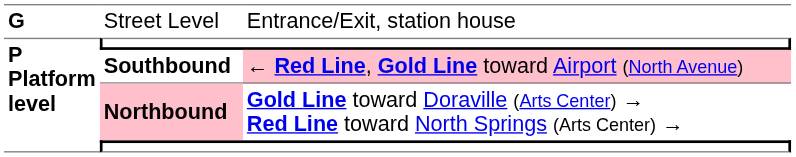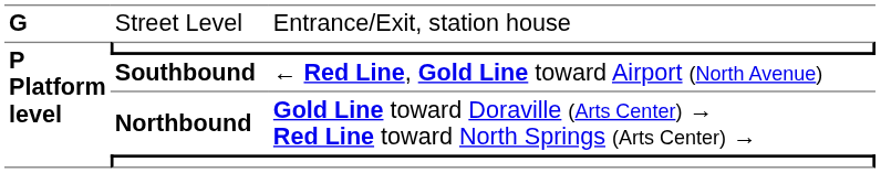 <table table border=0 cellspacing=0 cellpadding=3>
 <tr>
 <td style="border-top:solid 1px gray;" width=50 valign=top><strong>G</strong></td>
 <td style="border-top:solid 1px gray;" width=100 valign=top>Street Level</td>
 <td style="border-top:solid 1px gray;" width=400 valign=top>Entrance/Exit, station house</td>
 </tr>
 <tr>
 <td style="border-top:solid 1px gray;border-bottom:solid 1px gray;" width=50 rowspan=4 valign=top><strong>P<br>Platform level</strong></td>
 <td style="border-top:solid 1px gray;border-right:solid 2px black;border-left:solid 2px black;border-bottom:solid 2px black;text-align:center;" colspan=2></td>
 </tr>
 <tr>
 <td style="border-bottom:solid 1px gray;" width=100><strong>Southbound</strong></td>
-<td style="background: pink; border-bottom:solid 1px gray;" width=400>← <a href='#'><span><strong>Red Line</strong></span></a>, <a href='#'><span><strong>Gold Line</strong></span></a> toward <a href='#'>Airport</a> <small>(<a href='#'>North Avenue</a>)</small></td>
+<td style="border-bottom:solid 1px gray;" width=400>← <a href='#'><span><strong>Red Line</strong></span></a>, <a href='#'><span><strong>Gold Line</strong></span></a> toward <a href='#'>Airport</a> <small>(<a href='#'>North Avenue</a>)</small></td>
 </tr>
 <tr>
-<td style="background: pink;"><strong>Northbound</strong></td>
+<td><strong>Northbound</strong></td>
 <td> <a href='#'><span><strong>Gold Line</strong></span></a> toward <a href='#'>Doraville</a> <small>(<a href='#'>Arts Center</a>)</small> →<br> <a href='#'><span><strong>Red Line</strong></span></a> toward <a href='#'>North Springs</a> <small>(Arts Center)</small> →</td>
 </tr>
 <tr>
 <td style="border-bottom:solid 1px gray;border-right:solid 2px black;border-left:solid 2px black;border-top:solid 2px black;text-align:center;" colspan=2></td>
 </tr>
 </table>
